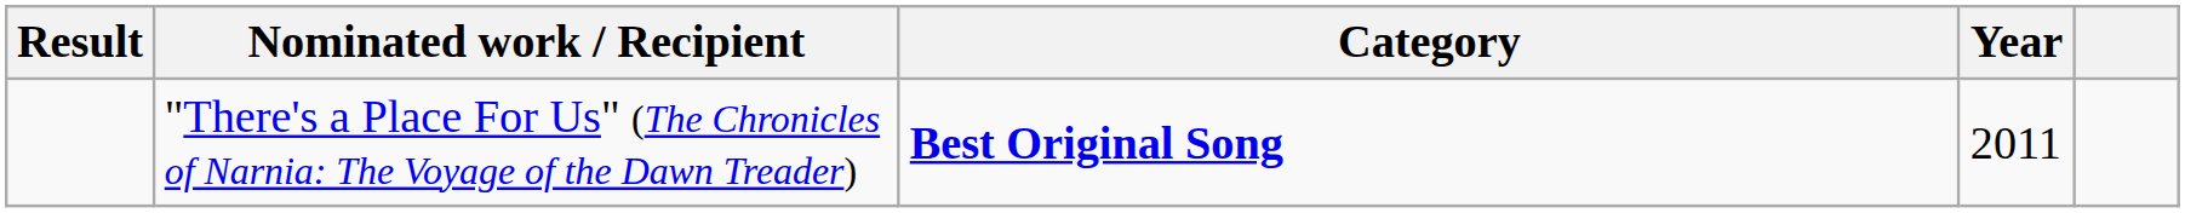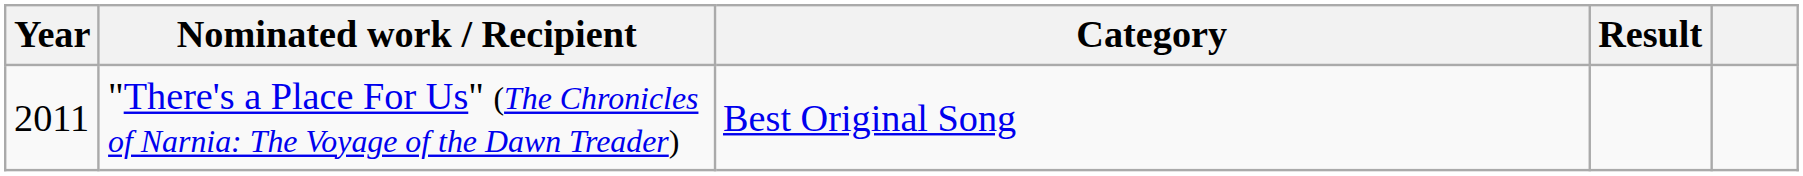 <table class="wikitable plainrowheaders" style="width:85%;">
 <tr>
-<th scope="col" style="width:6%;">Result</th>
+<th scope="col" style="width:4%;">Year</th>
 <th scope="col" style="width:35%;">Nominated work / Recipient</th>
 <th scope="col" style="width:50%;">Category</th>
-<th scope="col" style="width:4%;">Year</th>
+<th scope="col" style="width:6%;">Result</th>
 <th scope="col" style="width:6%;"></th>
 </tr>
 <tr>
+<td>2011</td>
+<td>"<a href='#'>There's a Place For Us</a>" <small>(<em><a href='#'>The Chronicles of Narnia: The Voyage of the Dawn Treader</a></em>)</small></td>
+<td><a href='#'>Best Original Song</a></td>
 <td></td>
-<td>"<a href='#'>There's a Place For Us</a>" <small>(<em><a href='#'>The Chronicles of Narnia: The Voyage of the Dawn Treader</a></em>)</small></td>
-<td><strong><a href='#'>Best Original Song</a></strong></td>
-<td>2011</td>
 <td><br></td>
 </tr>
 </table>
